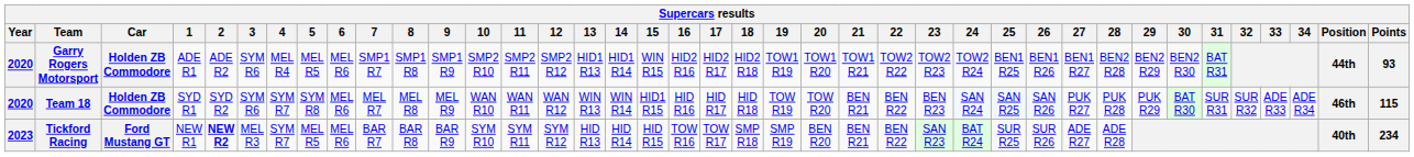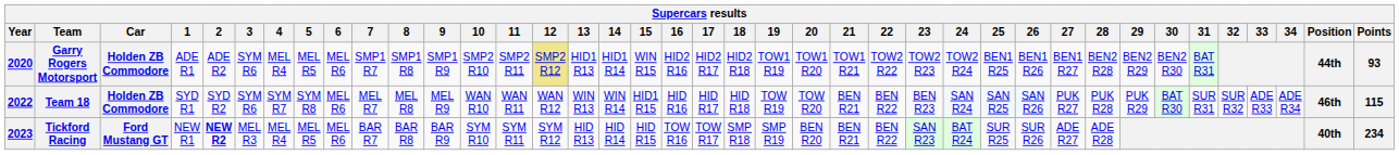 <table class="wikitable" style="text-align:center; font-size:75%">
 <tr>
 <th colspan=45><a href='#'>Supercars</a> results</th>
 </tr>
 <tr>
 <th>Year</th>
 <th>Team</th>
 <th>Car</th>
 <th>1</th>
 <th>2</th>
 <th>3</th>
 <th>4</th>
 <th>5</th>
 <th>6</th>
 <th>7</th>
 <th>8</th>
 <th>9</th>
 <th>10</th>
 <th>11</th>
 <th>12</th>
 <th>13</th>
 <th>14</th>
 <th>15</th>
 <th>16</th>
 <th>17</th>
 <th>18</th>
 <th>19</th>
 <th>20</th>
 <th>21</th>
 <th>22</th>
 <th>23</th>
 <th>24</th>
 <th>25</th>
 <th>26</th>
 <th>27</th>
 <th>28</th>
 <th>29</th>
 <th>30</th>
 <th>31</th>
 <th>32</th>
 <th>33</th>
 <th>34</th>
 <th>Position</th>
 <th>Points</th>
 </tr>
 <tr>
 <th><a href='#'>2020</a></th>
 <th><a href='#'>Garry Rogers Motorsport</a></th>
 <th><a href='#'>Holden ZB Commodore</a></th>
 <td><a href='#'>ADE<br>R1</a></td>
 <td><a href='#'>ADE<br>R2</a></td>
 <td><a href='#'>SYM<br>R6</a></td>
 <td><a href='#'>MEL<br>R4</a></td>
 <td><a href='#'>MEL<br>R5</a></td>
 <td><a href='#'>MEL<br>R6</a></td>
 <td><a href='#'>SMP1<br>R7</a></td>
 <td><a href='#'>SMP1<br>R8</a></td>
 <td><a href='#'>SMP1<br>R9</a></td>
 <td><a href='#'>SMP2<br>R10</a></td>
 <td><a href='#'>SMP2<br>R11</a></td>
-<td><a href='#'>SMP2<br>R12</a></td>
+<td style="background: khaki;"><a href='#'>SMP2<br>R12</a></td>
 <td><a href='#'>HID1<br>R13</a></td>
 <td><a href='#'>HID1<br>R14</a></td>
 <td><a href='#'>WIN<br>R15</a></td>
 <td><a href='#'>HID2<br>R16</a></td>
 <td><a href='#'>HID2<br>R17</a></td>
 <td><a href='#'>HID2<br>R18</a></td>
 <td><a href='#'>TOW1<br>R19</a></td>
 <td><a href='#'>TOW1<br>R20</a></td>
 <td><a href='#'>TOW1<br>R21</a></td>
 <td><a href='#'>TOW2<br>R22</a></td>
 <td><a href='#'>TOW2<br>R23</a></td>
 <td><a href='#'>TOW2<br>R24</a></td>
 <td><a href='#'>BEN1<br>R25</a></td>
 <td><a href='#'>BEN1<br>R26</a></td>
 <td><a href='#'>BEN1<br>R27</a></td>
 <td><a href='#'>BEN2<br>R28</a></td>
 <td><a href='#'>BEN2<br>R29</a></td>
 <td><a href='#'>BEN2<br>R30</a></td>
 <td style="background: #dfffdf"><a href='#'>BAT<br>R31</a><br></td>
 <th colspan=3></th>
 <th>44th</th>
 <th>93</th>
 </tr>
 <tr>
-<th><a href='#'>2020</a></th>
+<th><a href='#'>2022</a></th>
 <th><a href='#'>Team 18</a></th>
 <th><a href='#'>Holden ZB Commodore</a></th>
 <td><a href='#'>SYD<br>R1</a></td>
 <td><a href='#'>SYD<br>R2</a></td>
 <td><a href='#'>SYM<br>R6</a></td>
 <td><a href='#'>SYM<br>R7</a></td>
 <td><a href='#'>SYM<br>R8</a></td>
 <td><a href='#'>MEL<br>R6</a></td>
 <td><a href='#'>MEL<br>R7</a></td>
 <td><a href='#'>MEL<br>R8</a></td>
 <td><a href='#'>MEL<br>R9</a></td>
 <td><a href='#'>WAN<br>R10</a></td>
 <td><a href='#'>WAN<br>R11</a></td>
 <td><a href='#'>WAN<br>R12</a></td>
 <td><a href='#'>WIN<br>R13</a></td>
 <td><a href='#'>WIN<br>R14</a></td>
 <td><a href='#'>HID1<br>R15</a></td>
 <td><a href='#'>HID<br>R16</a></td>
 <td><a href='#'>HID<br>R17</a></td>
 <td><a href='#'>HID<br>R18</a></td>
 <td><a href='#'>TOW<br>R19</a></td>
 <td><a href='#'>TOW<br>R20</a></td>
 <td><a href='#'>BEN<br>R21</a></td>
 <td><a href='#'>BEN<br>R22</a></td>
 <td><a href='#'>BEN<br>R23</a></td>
 <td style="background: #f1f8ff"><a href='#'>SAN<br>R24</a><br></td>
 <td style="background: #f1f8ff"><a href='#'>SAN<br>R25</a><br></td>
 <td style="background: #f1f8ff"><a href='#'>SAN<br>R26</a><br></td>
 <td><a href='#'>PUK<br>R27</a></td>
 <td><a href='#'>PUK<br>R28</a></td>
 <td><a href='#'>PUK<br>R29</a></td>
 <td style="background: #dfffdf"><a href='#'>BAT<br>R30</a><br></td>
 <td><a href='#'>SUR<br>R31</a></td>
 <td><a href='#'>SUR<br>R32</a></td>
 <td><a href='#'>ADE<br>R33</a></td>
 <td><a href='#'>ADE<br>R34</a></td>
 <th>46th</th>
 <th>115</th>
 </tr>
 <tr>
 <th><a href='#'>2023</a></th>
 <th><a href='#'>Tickford Racing</a></th>
 <th><a href='#'>Ford Mustang GT</a></th>
 <td><a href='#'>NEW<br>R1</a></td>
 <td><strong><a href='#'>NEW<br>R2</a></strong></td>
 <td><a href='#'>MEL<br>R3</a></td>
-<td><a href='#'>SYM<br>R7</a></td>
+<td><a href='#'>MEL<br>R4</a></td>
 <td><a href='#'>MEL<br>R5</a></td>
 <td><a href='#'>MEL<br>R6</a></td>
 <td><a href='#'>BAR<br>R7</a></td>
 <td><a href='#'>BAR<br>R8</a></td>
 <td><a href='#'>BAR<br>R9</a></td>
 <td><a href='#'>SYM<br>R10</a></td>
 <td><a href='#'>SYM<br>R11</a></td>
 <td><a href='#'>SYM<br>R12</a></td>
 <td><a href='#'>HID<br>R13</a></td>
 <td><a href='#'>HID<br>R14</a></td>
 <td><a href='#'>HID<br>R15</a></td>
 <td><a href='#'>TOW<br>R16</a></td>
 <td><a href='#'>TOW<br>R17</a></td>
 <td><a href='#'>SMP<br>R18</a></td>
 <td><a href='#'>SMP<br>R19</a></td>
 <td><a href='#'>BEN<br>R20</a></td>
 <td><a href='#'>BEN<br>R21</a></td>
 <td><a href='#'>BEN<br>R22</a></td>
 <td style=background:#dfffdf><a href='#'>SAN<br>R23</a><br></td>
 <td style=background:#dfffdf><a href='#'>BAT<br>R24</a><br></td>
 <td><a href='#'>SUR<br>R25</a></td>
 <td><a href='#'>SUR<br>R26</a></td>
 <td><a href='#'>ADE<br>R27</a></td>
 <td><a href='#'>ADE<br>R28</a></td>
 <th colspan=6></th>
 <th>40th</th>
 <th>234</th>
 </tr>
 </table>
